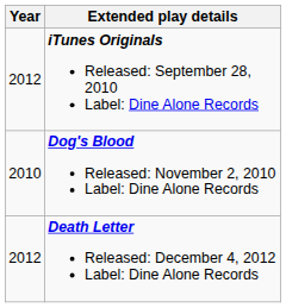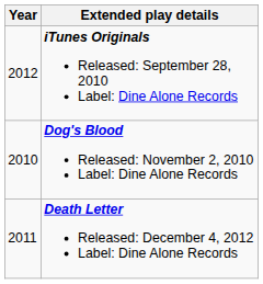 <table class="wikitable">
 <tr>
 <th>Year</th>
 <th width="250">Extended play details</th>
 </tr>
 <tr>
 <td>2012</td>
 <td><strong><em>iTunes Originals</em></strong><br><ul><li>Released: September 28, 2010</li><li>Label: <a href='#'>Dine Alone Records</a></li></ul></td>
 </tr>
 <tr>
 <td>2010</td>
 <td><strong><em><a href='#'>Dog's Blood</a></em></strong><br><ul><li>Released: November 2, 2010</li><li>Label: Dine Alone Records</li></ul></td>
 </tr>
 <tr>
-<td>2012</td>
+<td>2011</td>
 <td><strong><em><a href='#'>Death Letter</a></em></strong><br><ul><li>Released: December 4, 2012 </li><li>Label: Dine Alone Records</li></ul></td>
 </tr>
 </table>
